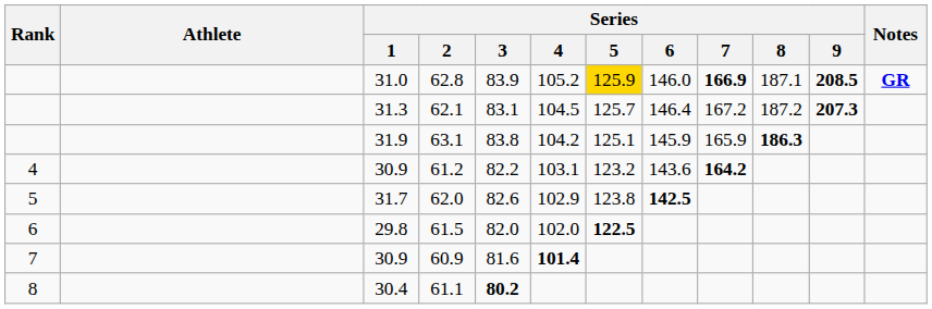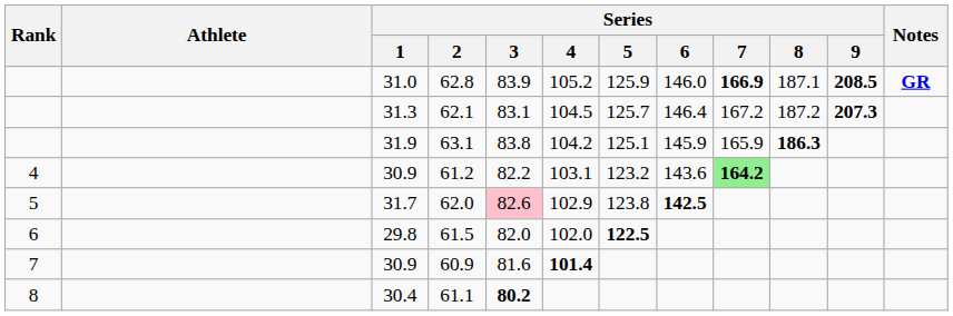 <table class="wikitable" style="text-align:center">
 <tr>
 <th rowspan=2 width=40>Rank</th>
 <th rowspan=2 width=250>Athlete</th>
 <th colspan=9>Series</th>
 <th rowspan=2 width=45>Notes</th>
 </tr>
 <tr>
 <th width=40>1</th>
 <th width=40>2</th>
 <th width=40>3</th>
 <th width=40>4</th>
 <th width=40>5</th>
 <th width=40>6</th>
 <th width=40>7</th>
 <th width=40>8</th>
 <th width=40>9</th>
 </tr>
 <tr>
 <td></td>
 <td align=left></td>
 <td>31.0</td>
 <td>62.8</td>
 <td>83.9</td>
 <td>105.2</td>
-<td style="background: gold;">125.9</td>
+<td>125.9</td>
 <td>146.0</td>
 <td><strong>166.9</strong></td>
 <td>187.1</td>
 <td><strong>208.5</strong></td>
 <td><strong><a href='#'>GR</a></strong></td>
 </tr>
 <tr>
 <td></td>
 <td align=left></td>
 <td>31.3</td>
 <td>62.1</td>
 <td>83.1</td>
 <td>104.5</td>
 <td>125.7</td>
 <td>146.4</td>
 <td>167.2</td>
 <td>187.2</td>
 <td><strong>207.3</strong></td>
 <td></td>
 </tr>
 <tr>
 <td></td>
 <td align=left></td>
 <td>31.9</td>
 <td>63.1</td>
 <td>83.8</td>
 <td>104.2</td>
 <td>125.1</td>
 <td>145.9</td>
 <td>165.9</td>
 <td><strong>186.3</strong></td>
 <td></td>
 <td></td>
 </tr>
 <tr>
 <td>4</td>
 <td align=left></td>
 <td>30.9</td>
 <td>61.2</td>
 <td>82.2</td>
 <td>103.1</td>
 <td>123.2</td>
 <td>143.6</td>
-<td><strong>164.2</strong></td>
+<td style="background: lightgreen;"><strong>164.2</strong></td>
 <td></td>
 <td></td>
 <td></td>
 </tr>
 <tr>
 <td>5</td>
 <td align=left></td>
 <td>31.7</td>
 <td>62.0</td>
-<td>82.6</td>
+<td style="background: pink;">82.6</td>
 <td>102.9</td>
 <td>123.8</td>
 <td><strong>142.5</strong></td>
 <td></td>
 <td></td>
 <td></td>
 <td></td>
 </tr>
 <tr>
 <td>6</td>
 <td align=left></td>
 <td>29.8</td>
 <td>61.5</td>
 <td>82.0</td>
 <td>102.0</td>
 <td><strong>122.5</strong></td>
 <td></td>
 <td></td>
 <td></td>
 <td></td>
 <td></td>
 </tr>
 <tr>
 <td>7</td>
 <td align=left></td>
 <td>30.9</td>
 <td>60.9</td>
 <td>81.6</td>
 <td><strong>101.4</strong></td>
 <td></td>
 <td></td>
 <td></td>
 <td></td>
 <td></td>
 <td></td>
 </tr>
 <tr>
 <td>8</td>
 <td align=left></td>
 <td>30.4</td>
 <td>61.1</td>
 <td><strong>80.2</strong></td>
 <td></td>
 <td></td>
 <td></td>
 <td></td>
 <td></td>
 <td></td>
 <td></td>
 </tr>
 </table>
